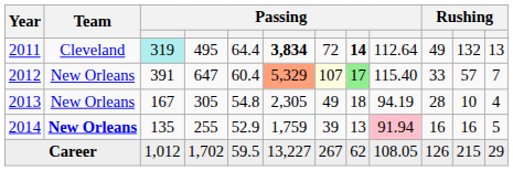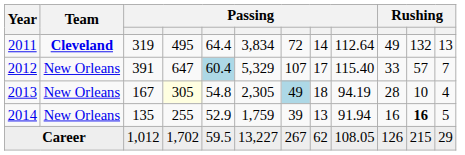 <table class="wikitable sortable" style="text-align:center">
 <tr>
 <th rowspan=2>Year</th>
 <th rowspan=2>Team</th>
 <th colspan=7>Passing</th>
 <th colspan=3>Rushing</th>
 </tr>
 <tr>
 <th></th>
 <th></th>
 <th></th>
 <th></th>
 <th></th>
 <th></th>
 <th></th>
 <th></th>
 <th></th>
 <th></th>
 </tr>
 <tr>
 <td><a href='#'>2011</a></td>
-<td><a href='#'>Cleveland</a></td>
-<td style="background: paleturquoise;">319</td>
+<td><strong><a href='#'>Cleveland</a></strong></td>
+<td>319</td>
 <td>495</td>
 <td>64.4</td>
-<td><strong>3,834</strong></td>
+<td>3,834</td>
 <td>72</td>
-<td><strong>14</strong></td>
+<td>14</td>
 <td>112.64</td>
 <td>49</td>
 <td>132</td>
 <td>13</td>
 </tr>
 <tr>
 <td><a href='#'>2012</a></td>
 <td><a href='#'>New Orleans</a></td>
 <td>391</td>
 <td>647</td>
-<td>60.4</td>
-<td style="background: lightsalmon;">5,329</td>
-<td style="background: lightyellow;">107</td>
-<td style="background: lightgreen;">17</td>
+<td style="background: lightblue;">60.4</td>
+<td>5,329</td>
+<td>107</td>
+<td>17</td>
 <td>115.40</td>
 <td>33</td>
 <td>57</td>
 <td>7</td>
 </tr>
 <tr>
 <td><a href='#'>2013</a></td>
 <td><a href='#'>New Orleans</a></td>
 <td>167</td>
-<td>305</td>
+<td style="background: lightyellow;">305</td>
 <td>54.8</td>
 <td>2,305</td>
-<td>49</td>
+<td style="background: lightblue;">49</td>
 <td>18</td>
 <td>94.19</td>
 <td>28</td>
 <td>10</td>
 <td>4</td>
 </tr>
 <tr>
 <td><a href='#'>2014</a></td>
-<td><strong><a href='#'>New Orleans</a></strong></td>
+<td><a href='#'>New Orleans</a></td>
 <td>135</td>
 <td>255</td>
 <td>52.9</td>
 <td>1,759</td>
 <td>39</td>
 <td>13</td>
-<td style="background: pink;">91.94</td>
+<td>91.94</td>
 <td>16</td>
-<td>16</td>
+<td><strong>16</strong></td>
 <td>5</td>
 </tr>
 <tr class="sortbottom" style="background:#eee;">
 <td colspan=2><strong>Career</strong></td>
 <td>1,012</td>
 <td>1,702</td>
 <td>59.5</td>
 <td>13,227</td>
 <td>267</td>
 <td>62</td>
 <td>108.05</td>
 <td>126</td>
 <td>215</td>
 <td>29</td>
 </tr>
 </table>
